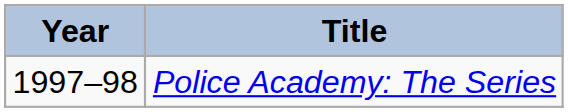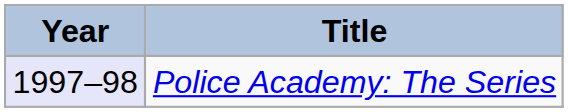 <table class="wikitable" style="font-size:95%;">
 <tr>
 <th style="background:#B0C4DE;">Year</th>
 <th style="background:#B0C4DE;">Title</th>
 </tr>
 <tr>
-<td>1997–98</td>
+<td style="background: lavender;">1997–98</td>
 <td><em><a href='#'>Police Academy: The Series</a></em></td>
 </tr>
 </table>
